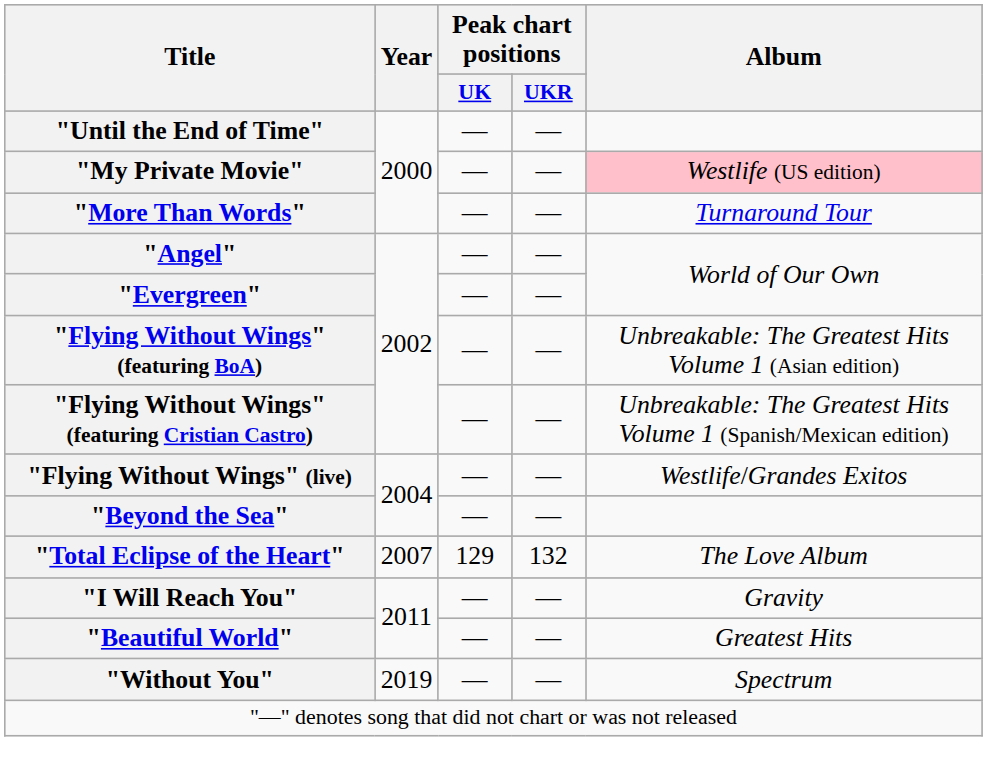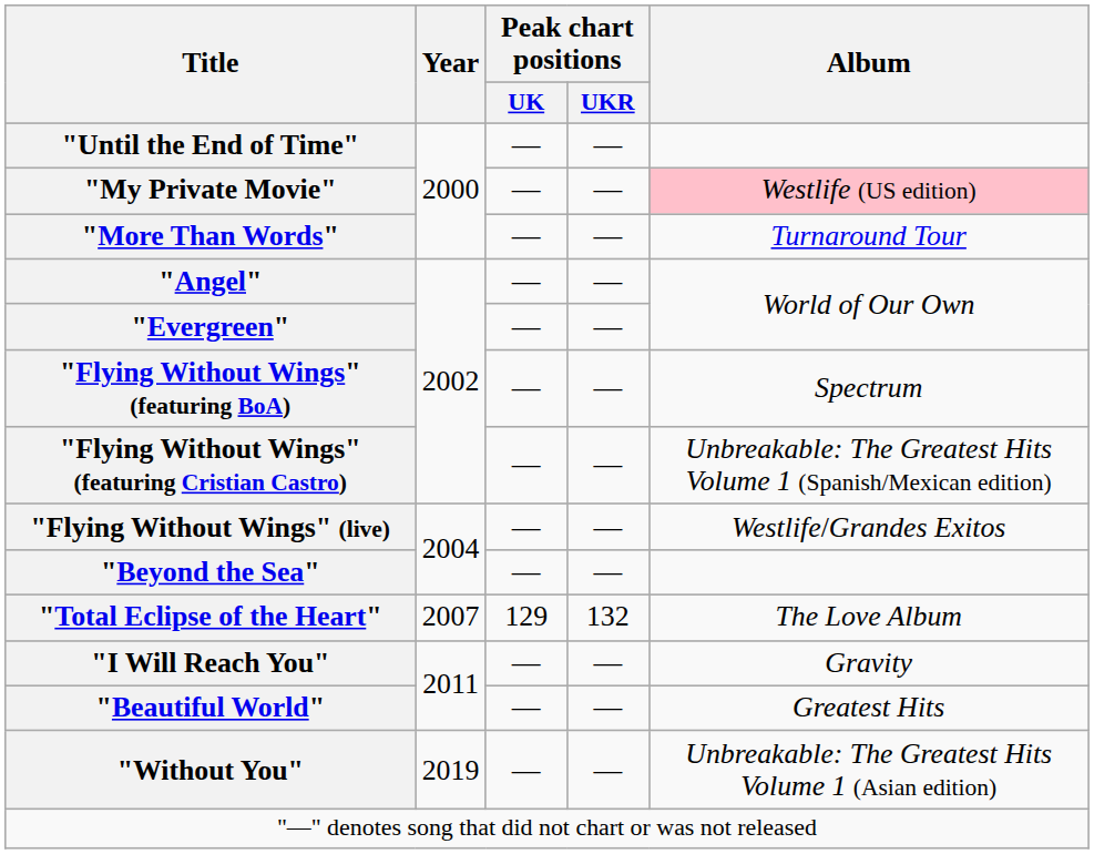 <table class="wikitable plainrowheaders" style="text-align:center;">
 <tr>
 <th scope="colw" rowspan="2" style="width:15em;">Title</th>
 <th scope="col" rowspan="2">Year</th>
 <th scope="col" colspan="2">Peak chart positions</th>
 <th scope="colw" rowspan="2" style="width:16em;">Album</th>
 </tr>
 <tr>
 <th scope="col" style="width:3em;font-size:85%;"><a href='#'>UK</a><br></th>
 <th scope="col" style="width:3em;font-size:85%;"><a href='#'>UKR</a><br></th>
 </tr>
 <tr>
 <th scope="row">"Until the End of Time"</th>
 <td rowspan="3">2000</td>
 <td>—</td>
 <td>—</td>
 <td></td>
 </tr>
 <tr>
 <th scope="row">"My Private Movie"</th>
 <td>—</td>
 <td>—</td>
 <td style="background: pink;"><em>Westlife</em> <small>(US edition)</small></td>
 </tr>
 <tr>
 <th scope="row">"<a href='#'>More Than Words</a>"</th>
 <td>—</td>
 <td>—</td>
 <td><em><a href='#'>Turnaround Tour</a></em></td>
 </tr>
 <tr>
 <th scope="row">"<a href='#'>Angel</a>"</th>
 <td rowspan="4">2002</td>
 <td>—</td>
 <td>—</td>
 <td rowspan="2"><em>World of Our Own</em></td>
 </tr>
 <tr>
 <th scope="row">"<a href='#'>Evergreen</a>"</th>
 <td>—</td>
 <td>—</td>
 </tr>
 <tr>
 <th scope="row">"<a href='#'>Flying Without Wings</a>" <small>(featuring <a href='#'>BoA</a>)</small></th>
 <td>—</td>
 <td>—</td>
-<td><em>Unbreakable: The Greatest Hits Volume 1</em> <small>(Asian edition)</small></td>
+<td><em>Spectrum</em></td>
 </tr>
 <tr>
 <th scope="row">"Flying Without Wings" <small>(featuring <a href='#'>Cristian Castro</a>)</small></th>
 <td>—</td>
 <td>—</td>
 <td><em>Unbreakable: The Greatest Hits Volume 1</em> <small>(Spanish/Mexican edition)</small></td>
 </tr>
 <tr>
 <th scope="row">"Flying Without Wings" <small>(live)</small></th>
 <td rowspan="2">2004</td>
 <td>—</td>
 <td>—</td>
 <td><em>Westlife</em>/<em>Grandes Exitos</em></td>
 </tr>
 <tr>
 <th scope="row">"<a href='#'>Beyond the Sea</a>"</th>
 <td>—</td>
 <td>—</td>
 <td></td>
 </tr>
 <tr>
 <th scope="row">"<a href='#'>Total Eclipse of the Heart</a>"</th>
 <td>2007</td>
 <td>129</td>
 <td>132</td>
 <td><em>The Love Album</em></td>
 </tr>
 <tr>
 <th scope="row">"I Will Reach You"</th>
 <td rowspan="2">2011</td>
 <td>—</td>
 <td>—</td>
 <td><em>Gravity</em></td>
 </tr>
 <tr>
 <th scope="row">"<a href='#'>Beautiful World</a>"</th>
 <td>—</td>
 <td>—</td>
 <td><em>Greatest Hits</em></td>
 </tr>
 <tr>
 <th scope="row">"Without You"</th>
 <td>2019</td>
 <td>—</td>
 <td>—</td>
-<td><em>Spectrum</em></td>
+<td><em>Unbreakable: The Greatest Hits Volume 1</em> <small>(Asian edition)</small></td>
 </tr>
 <tr>
 <td colspan="5" style="font-size:85%">"—" denotes song that did not chart or was not released</td>
 </tr>
 </table>
